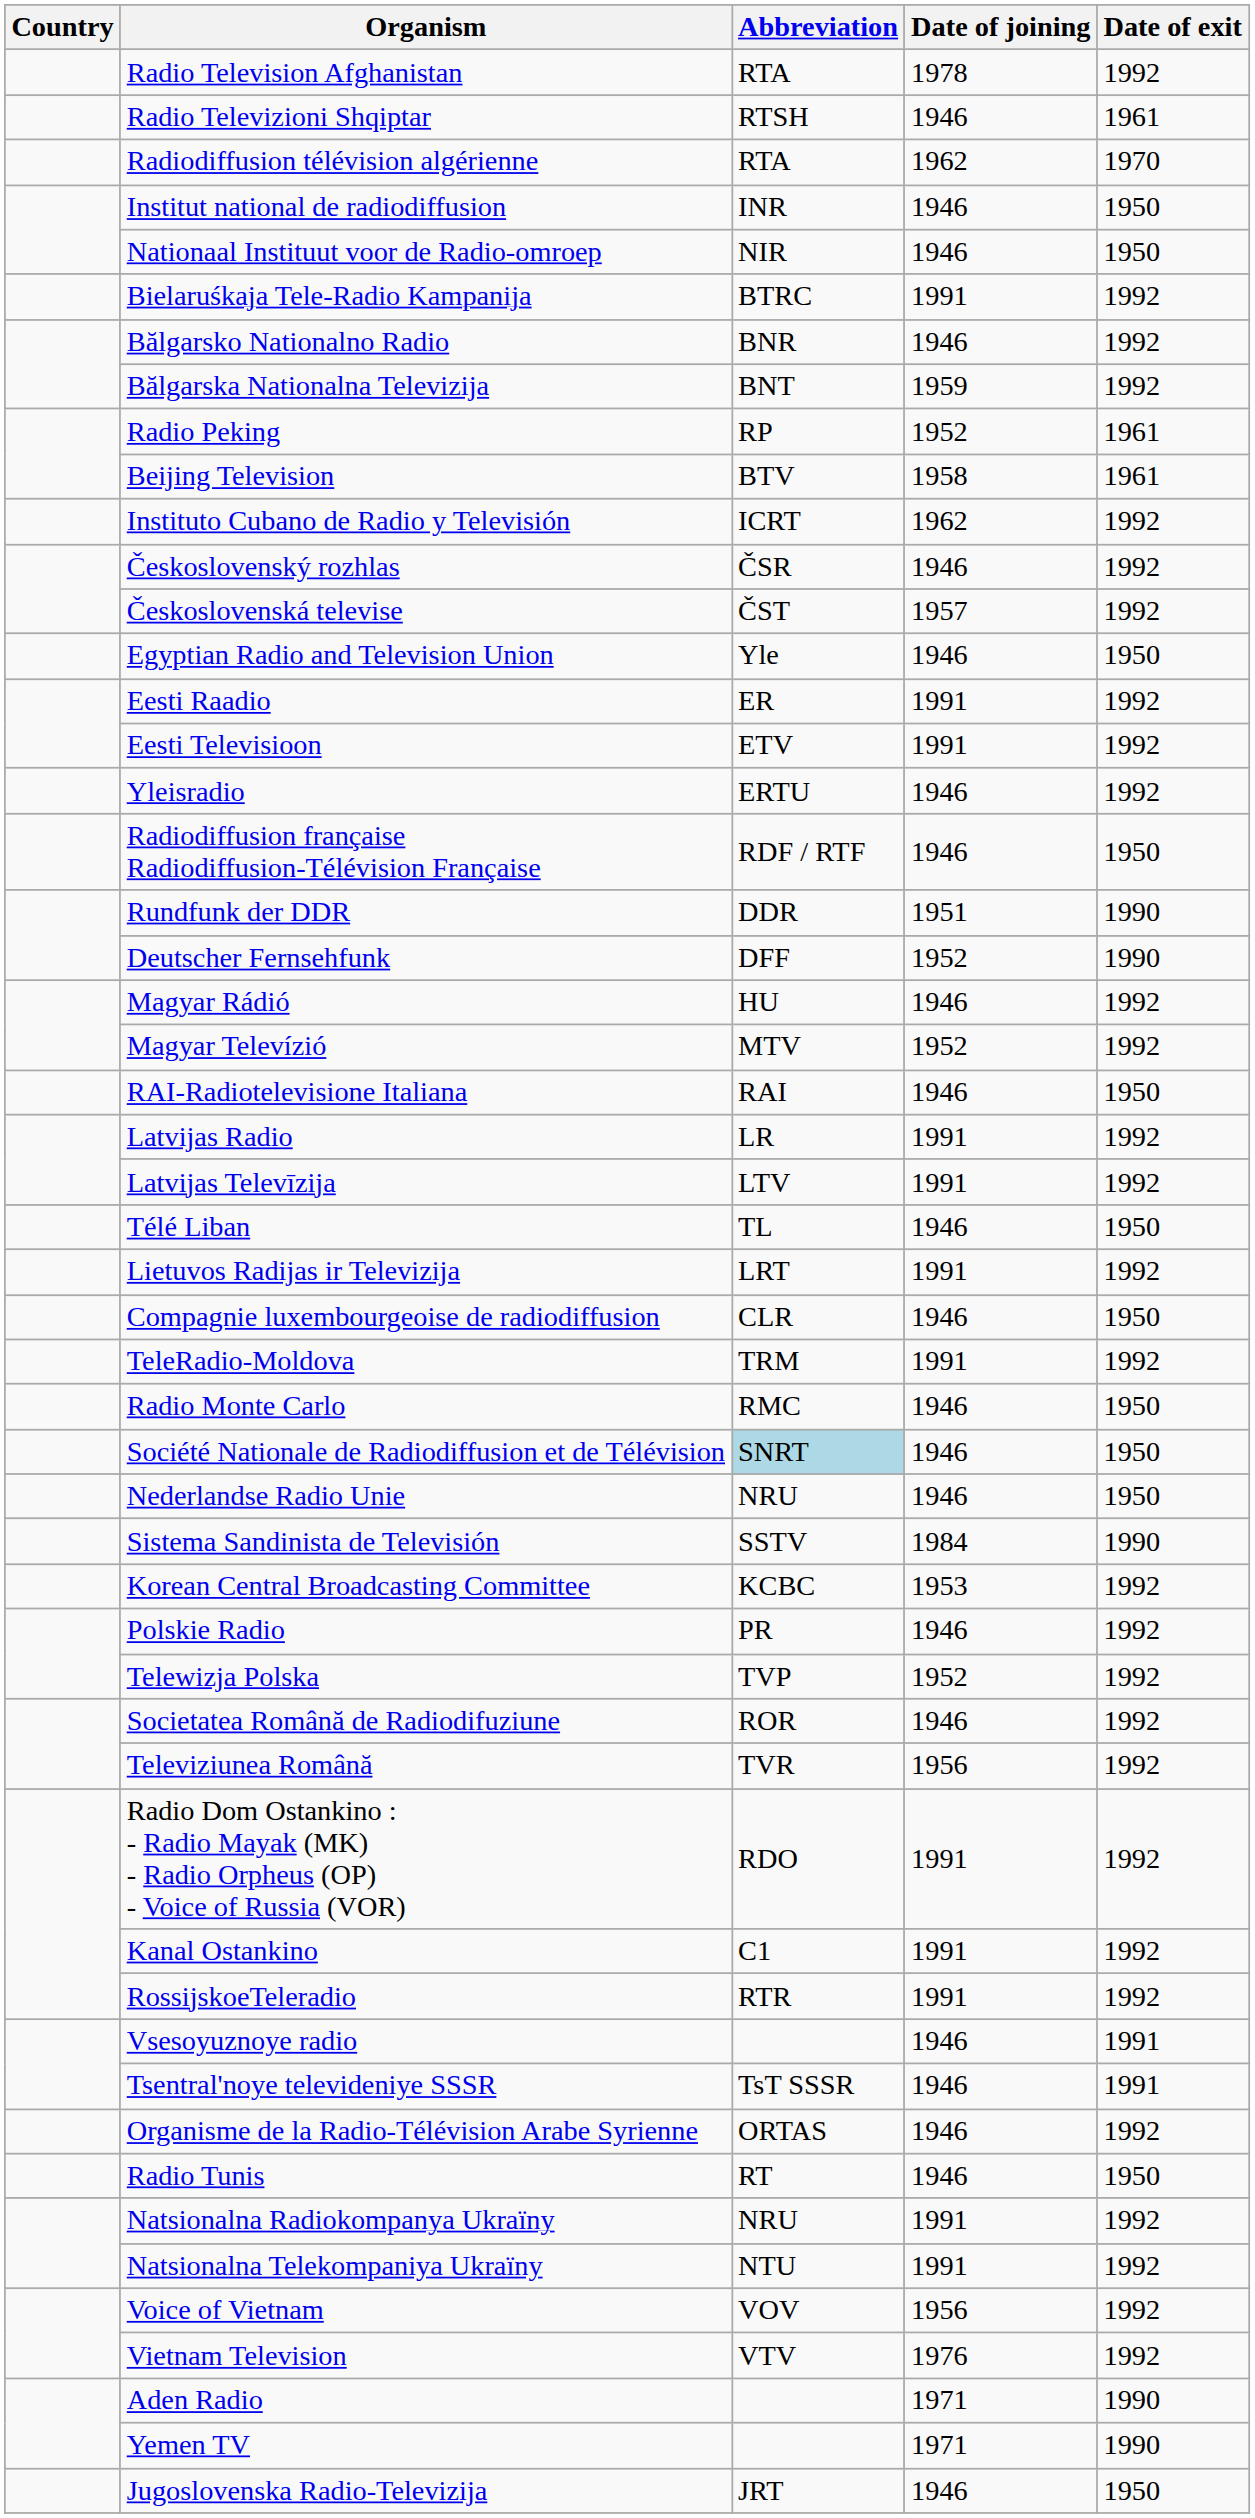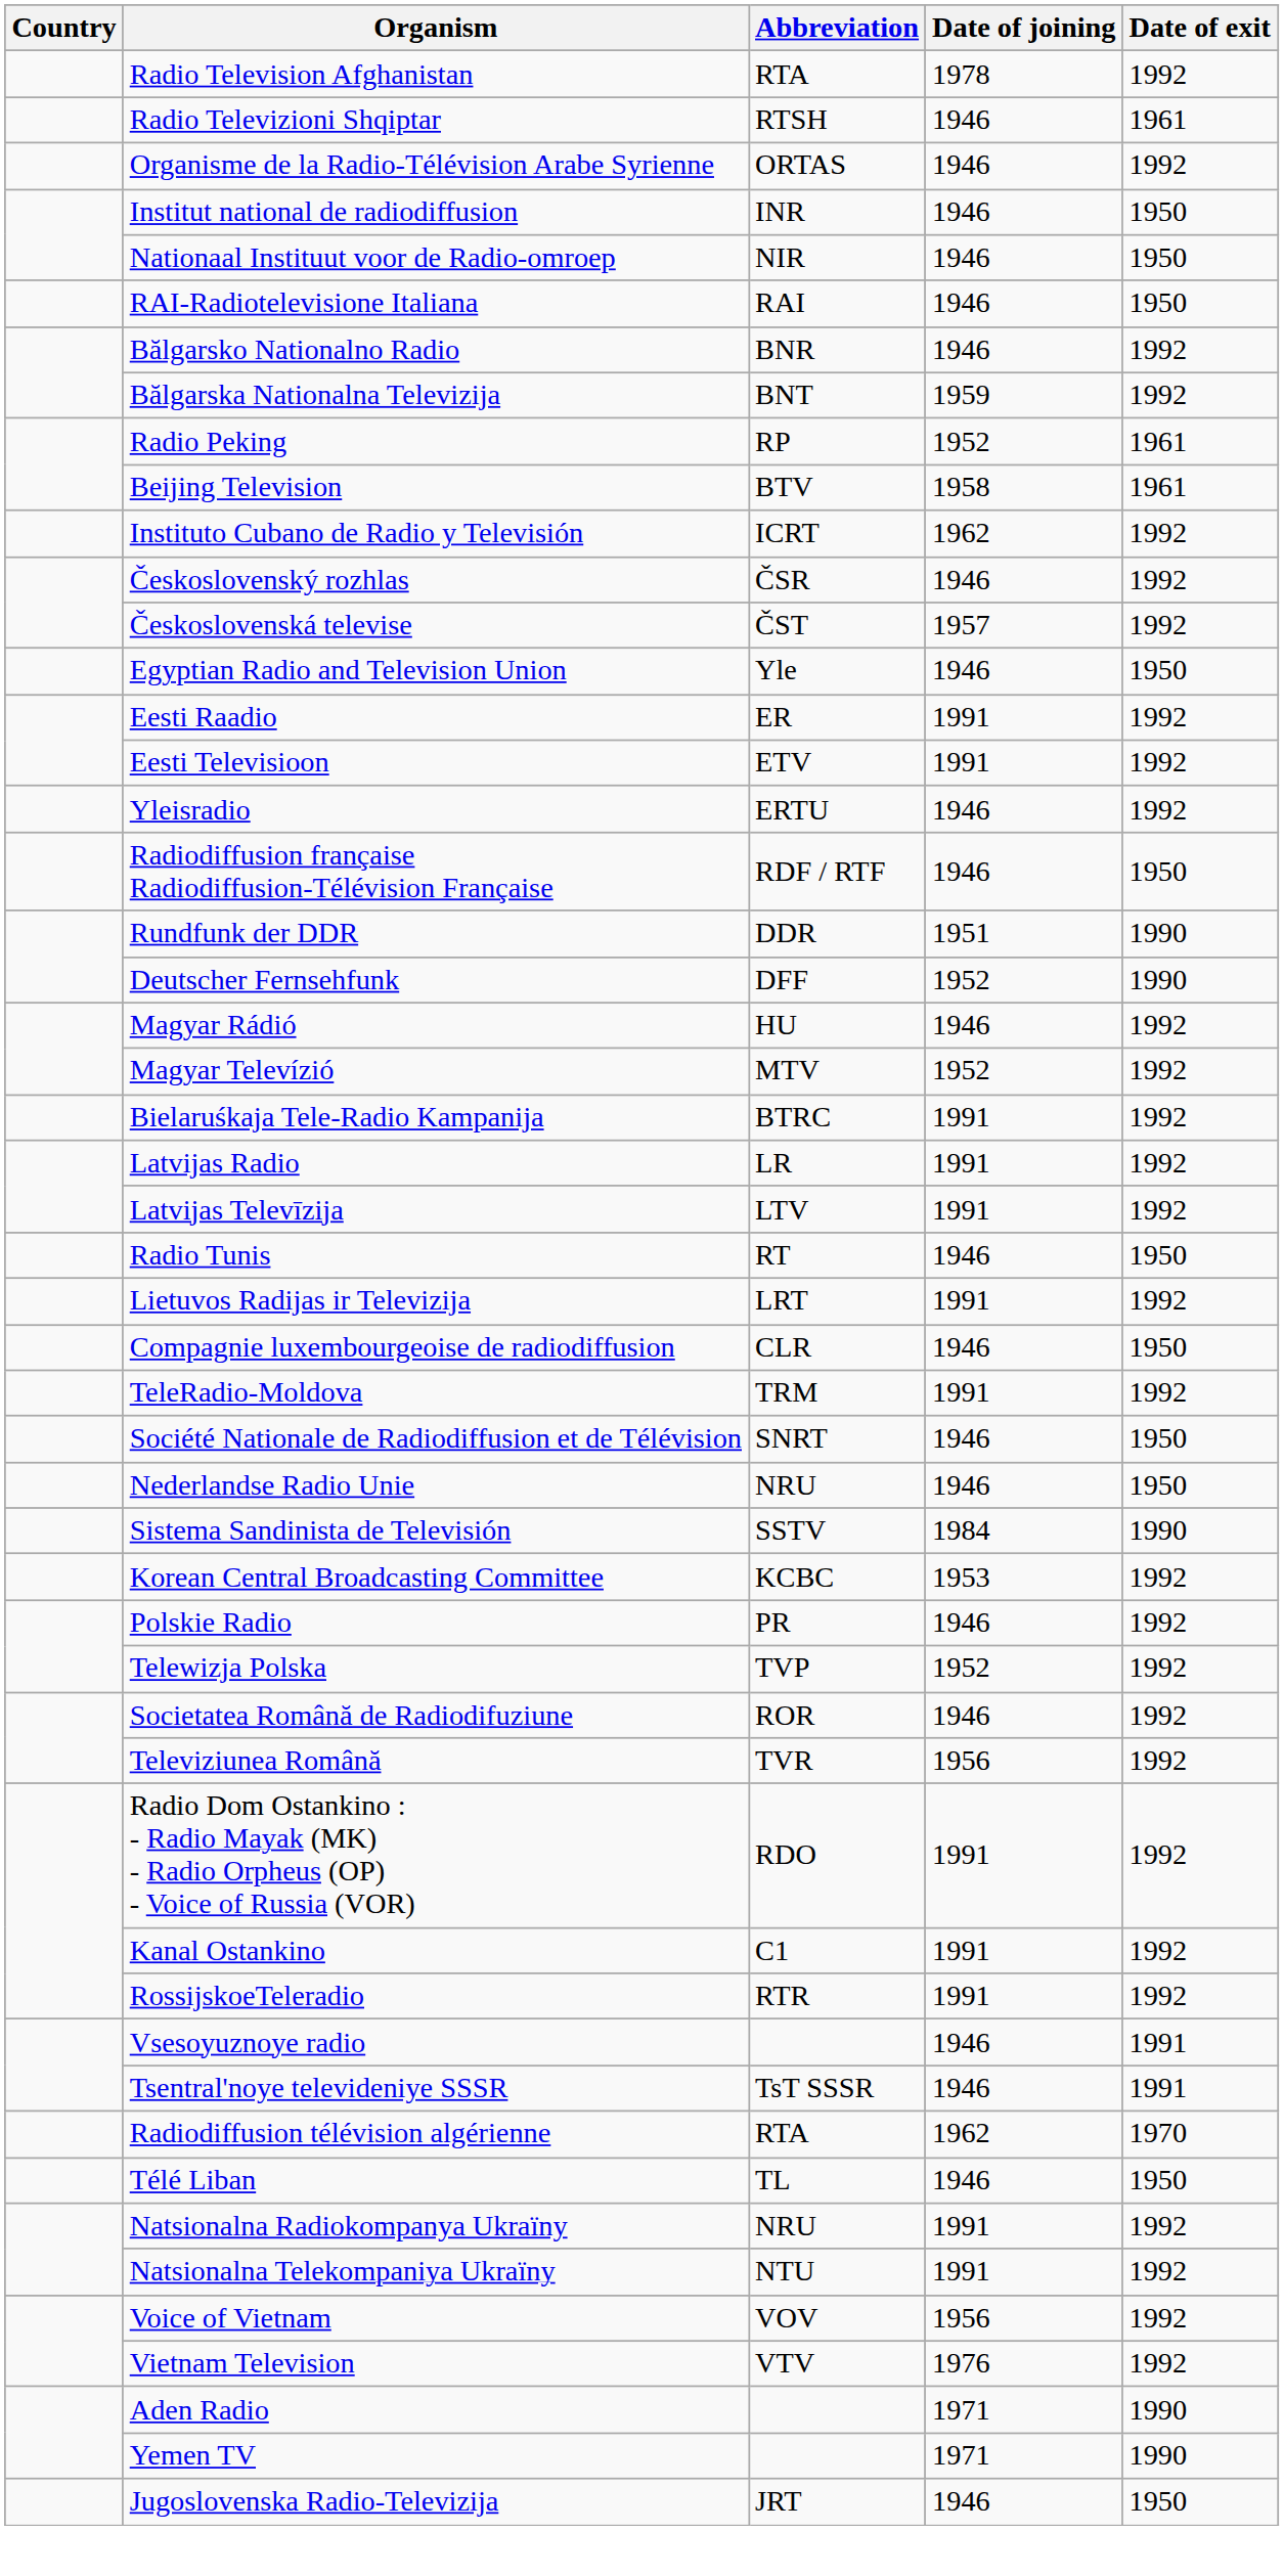 <table class="wikitable sortable" style="text-align:left; font-size:100%">
 <tr>
 <th align=center>Country</th>
 <th align=center>Organism</th>
 <th align=center><a href='#'>Abbreviation</a></th>
 <th align=center>Date of  joining</th>
 <th align=center>Date of exit</th>
 </tr>
 <tr>
 <td align=left></td>
 <td><a href='#'>Radio Television Afghanistan</a></td>
 <td>RTA</td>
 <td>1978</td>
 <td>1992</td>
 </tr>
 <tr>
 <td align=left></td>
 <td><a href='#'>Radio Televizioni Shqiptar</a></td>
 <td>RTSH</td>
 <td>1946</td>
 <td>1961</td>
 </tr>
 <tr>
 <td align=left></td>
-<td><a href='#'>Radiodiffusion télévision algérienne</a></td>
-<td>RTA</td>
-<td>1962</td>
-<td>1970</td>
+<td><a href='#'>Organisme de la Radio-Télévision Arabe Syrienne</a></td>
+<td>ORTAS</td>
+<td>1946</td>
+<td>1992</td>
 </tr>
 <tr>
 <td rowspan="2   align=left"></td>
 <td><a href='#'>Institut national de radiodiffusion</a></td>
 <td>INR</td>
 <td>1946</td>
 <td>1950</td>
 </tr>
 <tr>
 <td><a href='#'>Nationaal Instituut voor de Radio-omroep</a></td>
 <td>NIR</td>
 <td>1946</td>
 <td>1950</td>
 </tr>
 <tr>
 <td align=left></td>
-<td><a href='#'>Bielaruśkaja Tele-Radio Kampanija</a></td>
-<td>BTRC</td>
-<td>1991</td>
-<td>1992</td>
+<td><a href='#'>RAI-Radiotelevisione Italiana</a></td>
+<td>RAI</td>
+<td>1946</td>
+<td>1950</td>
 </tr>
 <tr>
 <td align=left rowspan="2"></td>
 <td><a href='#'>Bălgarsko Nationalno Radio</a></td>
 <td>BNR</td>
 <td>1946</td>
 <td>1992</td>
 </tr>
 <tr>
 <td><a href='#'>Bălgarska Nationalna Televizija</a></td>
 <td>BNT</td>
 <td>1959</td>
 <td>1992</td>
 </tr>
 <tr>
 <td align=left rowspan="2"></td>
 <td><a href='#'>Radio Peking</a></td>
 <td>RP</td>
 <td>1952</td>
 <td>1961</td>
 </tr>
 <tr>
 <td><a href='#'>Beijing Television</a></td>
 <td>BTV</td>
 <td>1958</td>
 <td>1961</td>
 </tr>
 <tr>
 <td align=left></td>
 <td><a href='#'>Instituto Cubano de Radio y Televisión</a></td>
 <td>ICRT</td>
 <td>1962</td>
 <td>1992</td>
 </tr>
 <tr>
 <td rowspan="2"  align=left></td>
 <td><a href='#'>Československý rozhlas</a></td>
 <td>ČSR</td>
 <td>1946</td>
 <td>1992</td>
 </tr>
 <tr>
 <td><a href='#'>Československá televise</a></td>
 <td>ČST</td>
 <td>1957</td>
 <td>1992</td>
 </tr>
 <tr>
 <td align=left></td>
 <td><a href='#'>Egyptian Radio and Television Union</a></td>
 <td>Yle</td>
 <td>1946</td>
 <td>1950</td>
 </tr>
 <tr>
 <td align=left rowspan="2"></td>
 <td><a href='#'>Eesti Raadio</a></td>
 <td>ER</td>
 <td>1991</td>
 <td>1992</td>
 </tr>
 <tr>
 <td><a href='#'>Eesti Televisioon</a></td>
 <td>ETV</td>
 <td>1991</td>
 <td>1992</td>
 </tr>
 <tr>
 <td align=left></td>
 <td><a href='#'>Yleisradio</a></td>
 <td>ERTU</td>
 <td>1946</td>
 <td>1992</td>
 </tr>
 <tr>
 <td align=left></td>
 <td><a href='#'>Radiodiffusion française</a><br><a href='#'>Radiodiffusion-Télévision Française</a></td>
 <td>RDF / RTF</td>
 <td>1946</td>
 <td>1950</td>
 </tr>
 <tr>
 <td rowspan="2"  align=left></td>
 <td><a href='#'>Rundfunk der DDR</a></td>
 <td>DDR</td>
 <td>1951</td>
 <td>1990</td>
 </tr>
 <tr>
 <td><a href='#'>Deutscher Fernsehfunk</a></td>
 <td>DFF</td>
 <td>1952</td>
 <td>1990</td>
 </tr>
 <tr>
 <td align=left rowspan="2"></td>
 <td><a href='#'>Magyar Rádió</a></td>
 <td>HU</td>
 <td>1946</td>
 <td>1992</td>
 </tr>
 <tr>
 <td><a href='#'>Magyar Televízió</a></td>
 <td>MTV</td>
 <td>1952</td>
 <td>1992</td>
 </tr>
 <tr>
 <td align=left></td>
-<td><a href='#'>RAI-Radiotelevisione Italiana</a></td>
-<td>RAI</td>
-<td>1946</td>
-<td>1950</td>
+<td><a href='#'>Bielaruśkaja Tele-Radio Kampanija</a></td>
+<td>BTRC</td>
+<td>1991</td>
+<td>1992</td>
 </tr>
 <tr>
 <td align=left rowspan="2"></td>
 <td><a href='#'>Latvijas Radio</a></td>
 <td>LR</td>
 <td>1991</td>
 <td>1992</td>
 </tr>
 <tr>
 <td><a href='#'>Latvijas Televīzija</a></td>
 <td>LTV</td>
 <td>1991</td>
 <td>1992</td>
 </tr>
 <tr>
 <td align=left></td>
-<td><a href='#'>Télé Liban</a></td>
-<td>TL</td>
+<td><a href='#'>Radio Tunis</a></td>
+<td>RT</td>
 <td>1946</td>
 <td>1950</td>
 </tr>
 <tr>
 <td align=left></td>
 <td><a href='#'>Lietuvos Radijas ir Televizija</a></td>
 <td>LRT</td>
 <td>1991</td>
 <td>1992</td>
 </tr>
 <tr>
 <td align=left></td>
 <td><a href='#'>Compagnie luxembourgeoise de radiodiffusion</a></td>
 <td>CLR</td>
 <td>1946</td>
 <td>1950</td>
 </tr>
 <tr>
 <td align=left></td>
 <td><a href='#'>TeleRadio-Moldova</a></td>
 <td>TRM</td>
 <td>1991</td>
 <td>1992</td>
 </tr>
 <tr>
 <td align=left></td>
-<td><a href='#'>Radio Monte Carlo</a></td>
-<td>RMC</td>
-<td>1946</td>
-<td>1950</td>
-</tr>
-<tr>
-<td align=left></td>
 <td><a href='#'>Société Nationale de Radiodiffusion et de Télévision</a></td>
-<td style="background: lightblue;">SNRT</td>
+<td>SNRT</td>
 <td>1946</td>
 <td>1950</td>
 </tr>
 <tr>
 <td align=left></td>
 <td><a href='#'>Nederlandse Radio Unie</a></td>
 <td>NRU</td>
 <td>1946</td>
 <td>1950</td>
 </tr>
 <tr>
 <td align=left></td>
 <td><a href='#'>Sistema Sandinista de Televisión</a></td>
 <td>SSTV</td>
 <td>1984</td>
 <td>1990</td>
 </tr>
 <tr>
 <td align=left></td>
 <td><a href='#'>Korean Central Broadcasting Committee</a></td>
 <td>KCBC</td>
 <td>1953</td>
 <td>1992</td>
 </tr>
 <tr>
 <td align=left rowspan="2"></td>
 <td><a href='#'>Polskie Radio</a></td>
 <td>PR</td>
 <td>1946</td>
 <td>1992</td>
 </tr>
 <tr>
 <td><a href='#'>Telewizja Polska</a></td>
 <td>TVP</td>
 <td>1952</td>
 <td>1992</td>
 </tr>
 <tr>
 <td align=left rowspan="2"></td>
 <td><a href='#'>Societatea Română de Radiodifuziune</a></td>
 <td>ROR</td>
 <td>1946</td>
 <td>1992</td>
 </tr>
 <tr>
 <td><a href='#'>Televiziunea Română</a></td>
 <td>TVR</td>
 <td>1956</td>
 <td>1992</td>
 </tr>
 <tr>
 <td align=left rowspan="3"></td>
 <td>Radio Dom Ostankino : <em><br></em> - <a href='#'>Radio Mayak</a> (MK)<em><br></em>- <a href='#'>Radio Orpheus</a> (OP)<em><br></em>- <a href='#'>Voice of Russia</a> (VOR)<em></td>
 <td>RDO</td>
 <td>1991</td>
 <td>1992</td>
 </tr>
 <tr>
 <td><a href='#'>Kanal Ostankino</a></td>
 <td>C1</td>
 <td>1991</td>
 <td>1992</td>
 </tr>
 <tr>
 <td><a href='#'>RossijskoeTeleradio</a></td>
 <td>RTR</td>
 <td>1991</td>
 <td>1992</td>
 </tr>
 <tr>
 <td align=left rowspan="2"></td>
 <td><a href='#'>Vsesoyuznoye radio</a></td>
 <td></td>
 <td>1946</td>
 <td>1991</td>
 </tr>
 <tr>
 <td><a href='#'>Tsentral'noye televideniye SSSR</a></td>
 <td>TsT SSSR</td>
 <td>1946</td>
 <td>1991</td>
 </tr>
 <tr>
 <td align=left></td>
-<td><a href='#'>Organisme de la Radio-Télévision Arabe Syrienne</a></td>
-<td>ORTAS</td>
-<td>1946</td>
-<td>1992</td>
+<td><a href='#'>Radiodiffusion télévision algérienne</a></td>
+<td>RTA</td>
+<td>1962</td>
+<td>1970</td>
 </tr>
 <tr>
 <td align=left></td>
-<td><a href='#'>Radio Tunis</a></td>
-<td>RT</td>
+<td><a href='#'>Télé Liban</a></td>
+<td>TL</td>
 <td>1946</td>
 <td>1950</td>
 </tr>
 <tr>
 <td align=left rowspan="2"></td>
 <td><a href='#'>Natsionalna Radiokompanya Ukraïny</a></td>
 <td>NRU</td>
 <td>1991</td>
 <td>1992</td>
 </tr>
 <tr>
 <td><a href='#'>Natsionalna Telekompaniya Ukraïny</a></td>
 <td>NTU</td>
 <td>1991</td>
 <td>1992</td>
 </tr>
 <tr>
 <td rowspan="2"  align=left></td>
 <td><a href='#'>Voice of Vietnam</a></td>
 <td>VOV</td>
 <td>1956</td>
 <td>1992</td>
 </tr>
 <tr>
 <td><a href='#'>Vietnam Television</a></td>
 <td>VTV</td>
 <td>1976</td>
 <td>1992</td>
 </tr>
 <tr>
 <td rowspan="2"  align=left></td>
 <td><a href='#'>Aden Radio</a></td>
 <td></td>
 <td>1971</td>
 <td>1990</td>
 </tr>
 <tr>
 <td><a href='#'>Yemen TV</a></td>
 <td></td>
 <td>1971</td>
 <td>1990</td>
 </tr>
 <tr>
 <td align=left></td>
 <td><a href='#'>Jugoslovenska Radio-Televizija</a></td>
 <td>JRT</td>
 <td>1946</td>
 <td>1950</td>
 </tr>
 </table>
